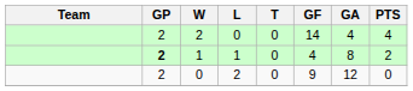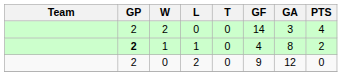 <table class="wikitable" style="text-align:center;">
 <tr>
 <th width=165>Team</th>
 <th width=40>GP</th>
 <th width=40>W</th>
 <th width=40>L</th>
 <th width=40>T</th>
 <th width=40>GF</th>
 <th width=40>GA</th>
 <th width=40>PTS</th>
 </tr>
 <tr style="background:#ccffcc">
 <td style="text-align:left;"></td>
 <td>2</td>
 <td>2</td>
 <td>0</td>
 <td>0</td>
 <td>14</td>
-<td>4</td>
+<td>3</td>
 <td>4</td>
 </tr>
 <tr style="background:#ccffcc">
 <td style="text-align:left;"></td>
 <td><strong>2</strong></td>
 <td>1</td>
 <td>1</td>
 <td>0</td>
 <td>4</td>
 <td>8</td>
 <td>2</td>
 </tr>
 <tr>
 <td style="text-align:left;"></td>
 <td>2</td>
 <td>0</td>
 <td>2</td>
 <td>0</td>
 <td>9</td>
 <td>12</td>
 <td>0</td>
 </tr>
 <tr>
 </tr>
 </table>
